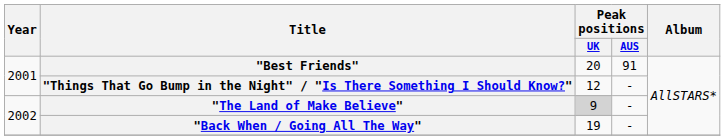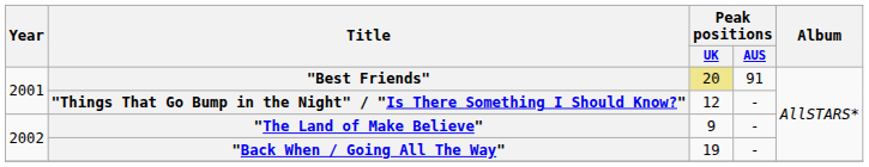 <table class="wikitable plainrowheaders" style="text-align:center;">
 <tr>
 <th scope="col" rowspan="2">Year</th>
 <th scope="col" rowspan="2">Title</th>
 <th scope="col" colspan="2">Peak<br>positions</th>
 <th scope="col" rowspan="2">Album</th>
 </tr>
 <tr>
 <th scope="col" style="width:3em;font-size:85%;"><a href='#'>UK</a></th>
 <th scope="col" style="width:3em;font-size:85%;"><a href='#'>AUS</a><br></th>
 </tr>
 <tr>
 <td rowspan="2">2001</td>
 <th scope="row">"Best Friends"</th>
-<td>20</td>
+<td style="background: khaki;">20</td>
 <td>91</td>
 <td rowspan="4"><em>AllSTARS*</em></td>
 </tr>
 <tr>
 <th scope="row">"Things That Go Bump in the Night" / "<a href='#'>Is There Something I Should Know?</a>"</th>
 <td>12</td>
 <td>-</td>
 </tr>
 <tr>
 <td rowspan="2">2002</td>
 <th scope="row">"<a href='#'>The Land of Make Believe</a>"</th>
-<td style="background: lightgrey;">9</td>
+<td>9</td>
 <td>-</td>
 </tr>
 <tr>
 <th scope="row">"<a href='#'>Back When / Going All The Way</a>"</th>
 <td>19</td>
 <td>-</td>
 </tr>
 <tr>
 </tr>
 </table>
